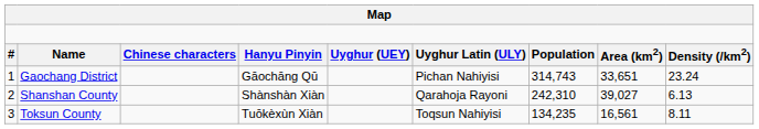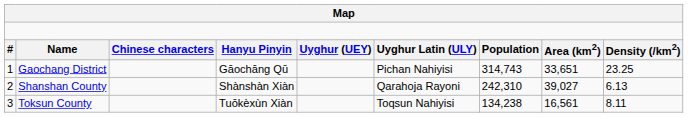 <table class="wikitable"  style="font-size:90%;" align=center>
 <tr>
 <th colspan="9">Map</th>
 </tr>
 <tr>
 <td colspan="9" align="center"><div><br>      </div></td>
 </tr>
 <tr>
 <th>#</th>
 <th>Name</th>
 <th><a href='#'>Chinese characters</a></th>
 <th><a href='#'>Hanyu Pinyin</a></th>
 <th><a href='#'>Uyghur</a> (<a href='#'>UEY</a>)</th>
 <th>Uyghur Latin (<a href='#'>ULY</a>)</th>
 <th>Population<br></th>
 <th>Area (km<sup>2</sup>)</th>
 <th>Density (/km<sup>2</sup>)</th>
 </tr>
 <tr --------->
 <td>1</td>
 <td><a href='#'>Gaochang District</a></td>
 <td></td>
 <td>Gāochāng Qū</td>
 <td></td>
 <td>Pichan Nahiyisi</td>
 <td>314,743</td>
 <td>33,651</td>
-<td>23.24</td>
+<td>23.25</td>
 </tr>
 <tr --------->
 <td>2</td>
 <td><a href='#'>Shanshan County</a></td>
 <td></td>
 <td>Shànshàn Xiàn</td>
 <td></td>
 <td>Qarahoja Rayoni</td>
 <td>242,310</td>
 <td>39,027</td>
 <td>6.13</td>
 </tr>
 <tr --------->
 <td>3</td>
 <td><a href='#'>Toksun County</a></td>
 <td></td>
 <td>Tuōkèxùn Xiàn</td>
 <td></td>
 <td>Toqsun Nahiyisi</td>
-<td>134,235</td>
+<td>134,238</td>
 <td>16,561</td>
 <td>8.11</td>
 </tr>
 </table>
